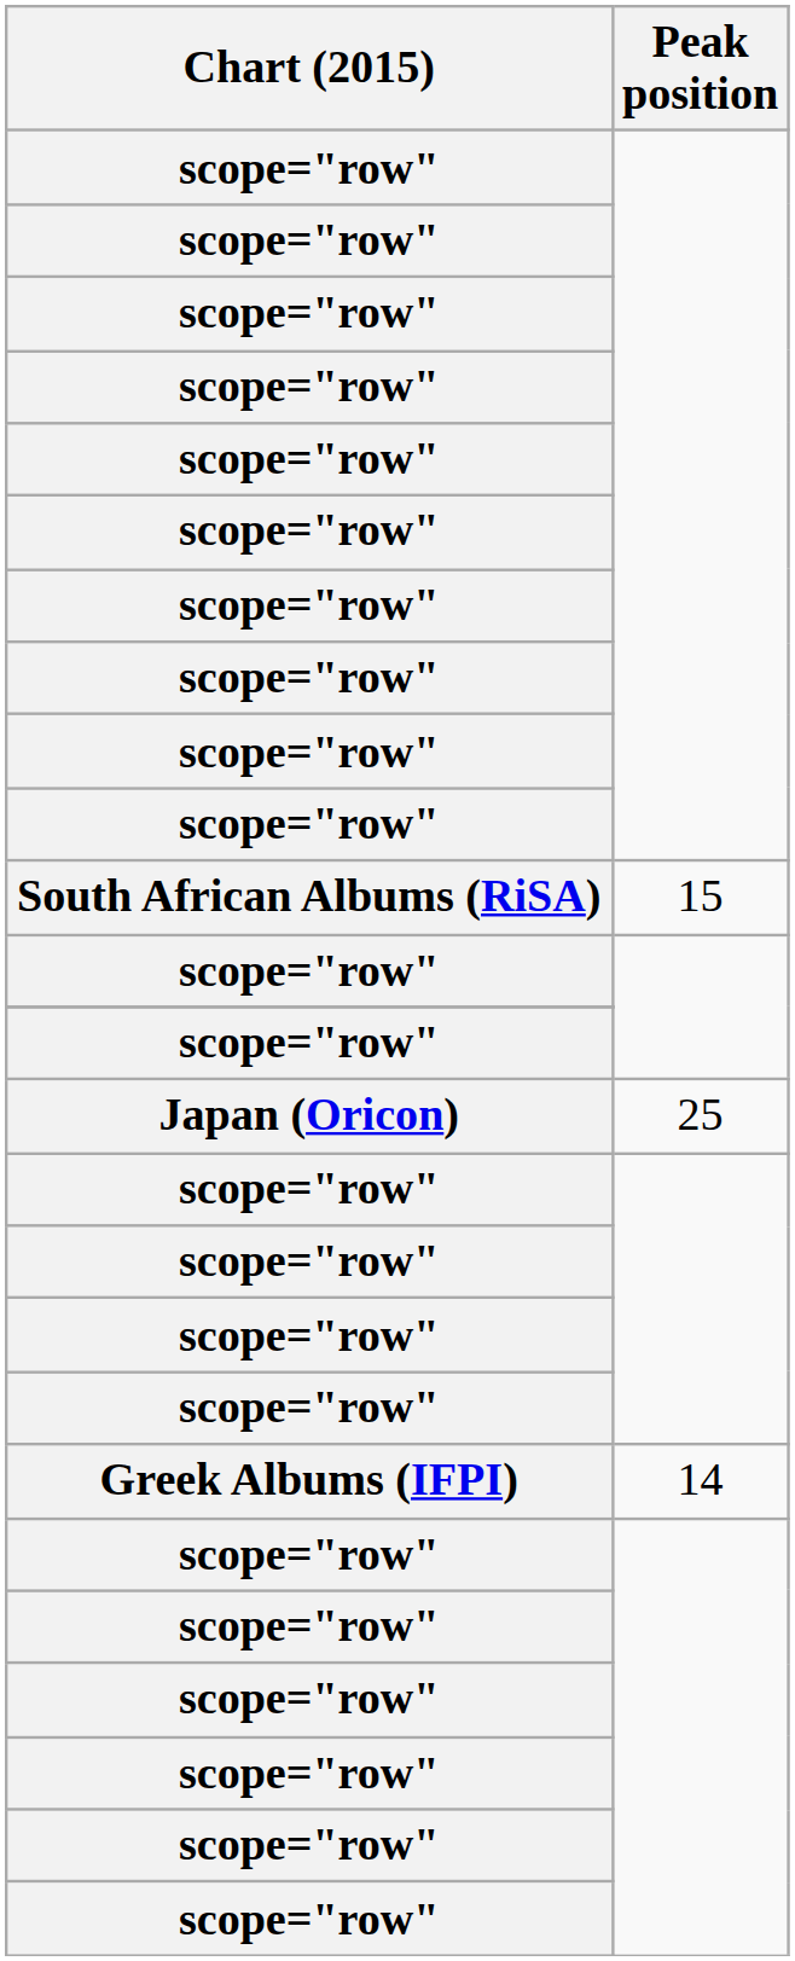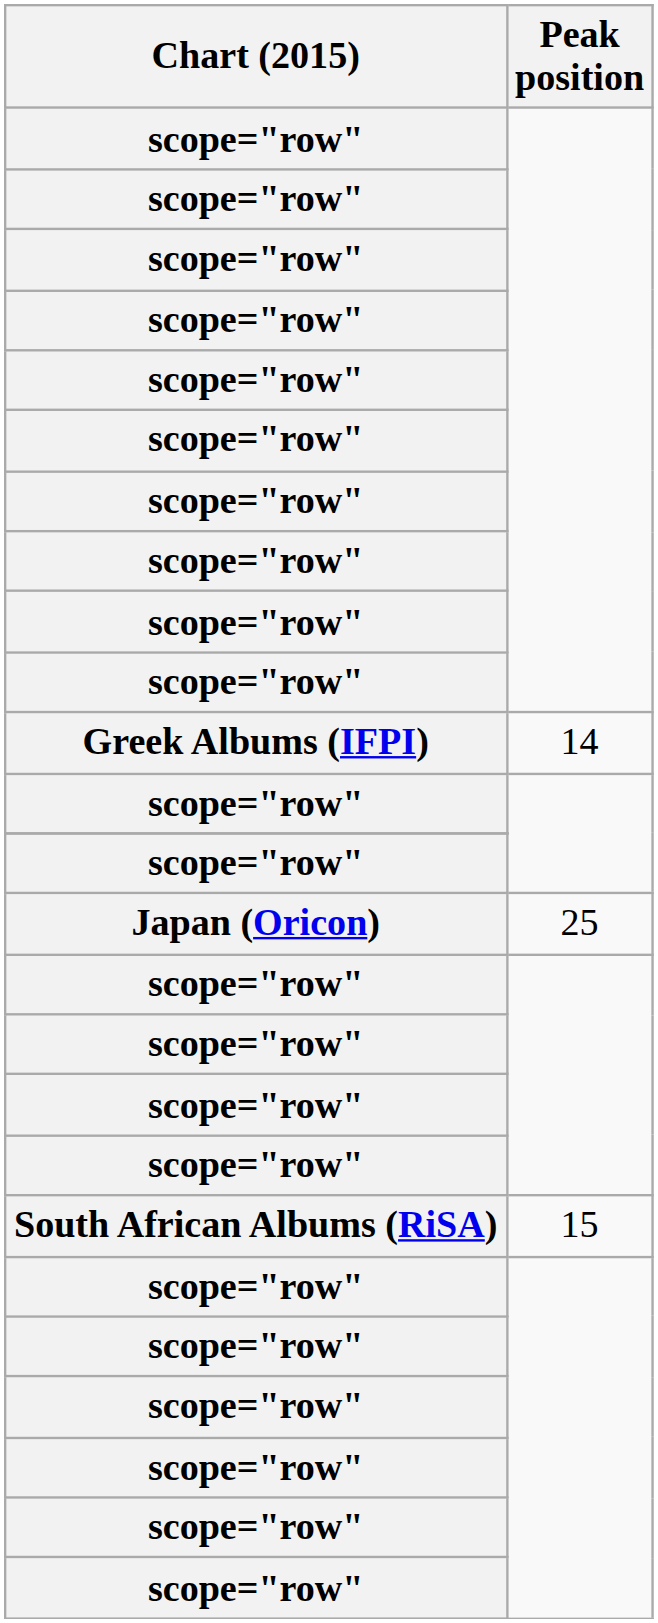 <table class="wikitable sortable plainrowheaders">
 <tr>
 <th>Chart (2015)</th>
 <th>Peak<br>position</th>
 </tr>
 <tr>
 <th>scope="row"</th>
 </tr>
 <tr>
 <th>scope="row"</th>
 </tr>
 <tr>
 <th>scope="row"</th>
 </tr>
 <tr>
 <th>scope="row"</th>
 </tr>
 <tr>
 <th>scope="row"</th>
 </tr>
 <tr>
 <th>scope="row"</th>
 </tr>
 <tr>
 <th>scope="row"</th>
 </tr>
 <tr>
 <th>scope="row"</th>
 </tr>
 <tr>
 <th>scope="row"</th>
 </tr>
 <tr>
 <th>scope="row"</th>
 </tr>
 <tr>
-<th scope="row">South African Albums (<a href='#'>RiSA</a>)</th>
-<td align="center">15</td>
+<th scope="row">Greek Albums (<a href='#'>IFPI</a>)</th>
+<td align=center>14</td>
 </tr>
 <tr>
 <th>scope="row"</th>
 </tr>
 <tr>
 </tr>
 <tr>
 <th>scope="row"</th>
 </tr>
 <tr>
 <th scope="row">Japan (<a href='#'>Oricon</a>)</th>
 <td align="center">25</td>
 </tr>
 <tr>
 <th>scope="row"</th>
 </tr>
 <tr>
 <th>scope="row"</th>
 </tr>
 <tr>
 <th>scope="row"</th>
 </tr>
 <tr>
 <th>scope="row"</th>
 </tr>
 <tr>
-<th scope="row">Greek Albums (<a href='#'>IFPI</a>)</th>
-<td align=center>14</td>
+<th scope="row">South African Albums (<a href='#'>RiSA</a>)</th>
+<td align="center">15</td>
 </tr>
 <tr>
 <th>scope="row"</th>
 </tr>
 <tr>
 <th>scope="row"</th>
 </tr>
 <tr>
 <th>scope="row"</th>
 </tr>
 <tr>
 <th>scope="row"</th>
 </tr>
 <tr>
 <th>scope="row"</th>
 </tr>
 <tr>
 <th>scope="row"</th>
 </tr>
 <tr>
 </tr>
 </table>
